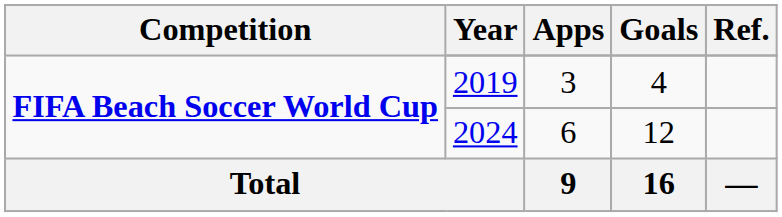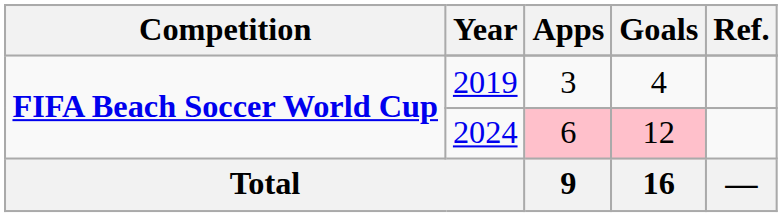 <table class="wikitable" style="text-align:center;">
 <tr>
 <th>Competition</th>
 <th>Year</th>
 <th>Apps</th>
 <th>Goals</th>
 <th>Ref.</th>
 </tr>
 <tr>
 <td rowspan="3"><strong><a href='#'>FIFA Beach Soccer World Cup</a></strong></td>
 </tr>
 <tr>
 <td> <a href='#'>2019</a></td>
 <td>3</td>
 <td>4</td>
 <td></td>
 </tr>
 <tr>
 <td> <a href='#'>2024</a></td>
-<td>6</td>
-<td>12</td>
+<td style="background: pink;">6</td>
+<td style="background: pink;">12</td>
 <td></td>
 </tr>
 <tr>
 <th colspan=2>Total</th>
 <th>9</th>
 <th>16</th>
 <th>—</th>
 </tr>
 </table>
